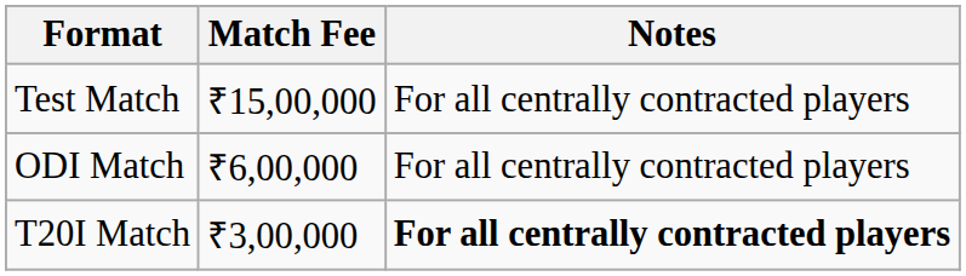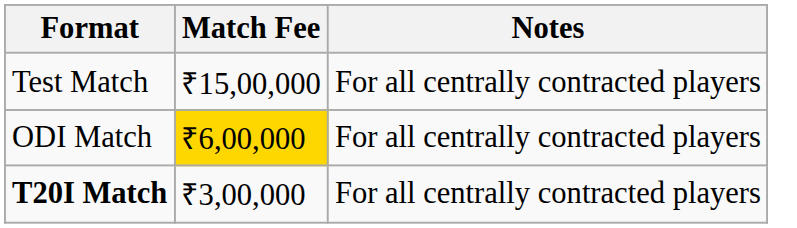 <table class="wikitable">
 <tr>
 <th>Format</th>
 <th>Match Fee</th>
 <th>Notes</th>
 </tr>
 <tr>
 <td>Test Match</td>
 <td>₹15,00,000</td>
 <td>For all centrally contracted players</td>
 </tr>
 <tr>
 <td>ODI Match</td>
-<td>₹6,00,000</td>
+<td style="background: gold;">₹6,00,000</td>
 <td>For all centrally contracted players</td>
 </tr>
 <tr>
-<td>T20I Match</td>
+<td><strong>T20I Match</strong></td>
 <td>₹3,00,000</td>
-<td><strong>For all centrally contracted players</strong></td>
+<td>For all centrally contracted players</td>
 </tr>
 </table>
